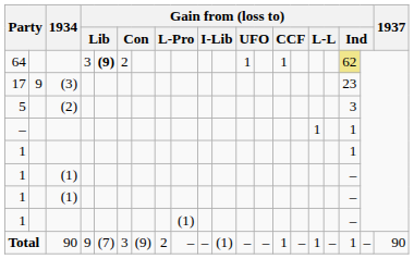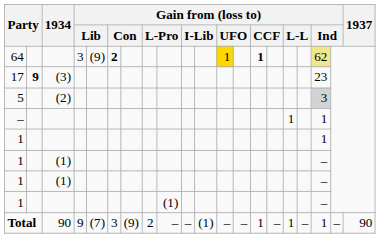 <table class="wikitable" style="text-align:right">
 <tr>
 <th rowspan="2" colspan="2">Party</th>
 <th rowspan="2" style="width:1em;">1934</th>
 <th colspan="16">Gain from (loss to)</th>
 <th rowspan="2" style="width:1em;">1937</th>
 </tr>
 <tr>
 <th colspan="2">Lib</th>
 <th colspan="2">Con</th>
 <th colspan="2">L-Pro</th>
 <th colspan="2">I-Lib</th>
 <th colspan="2">UFO</th>
 <th colspan="2">CCF</th>
 <th colspan="2">L-L</th>
 <th colspan="2">Ind</th>
 </tr>
 <tr>
 <td>64</td>
 <td></td>
 <td></td>
 <td>3</td>
-<td><strong>(9)</strong></td>
-<td>2</td>
+<td>(9)</td>
+<td><strong>2</strong></td>
 <td></td>
 <td></td>
 <td></td>
 <td></td>
 <td></td>
-<td>1</td>
+<td style="background: gold;">1</td>
 <td></td>
-<td>1</td>
+<td><strong>1</strong></td>
 <td></td>
 <td></td>
 <td></td>
 <td style="background: khaki;">62</td>
 </tr>
 <tr>
 <td>17</td>
-<td>9</td>
+<td><strong>9</strong></td>
 <td>(3)</td>
 <td></td>
 <td></td>
 <td></td>
 <td></td>
 <td></td>
 <td></td>
 <td></td>
 <td></td>
 <td></td>
 <td></td>
 <td></td>
 <td></td>
 <td></td>
 <td></td>
 <td>23</td>
 </tr>
 <tr>
 <td>5</td>
 <td></td>
 <td>(2)</td>
 <td></td>
 <td></td>
 <td></td>
 <td></td>
 <td></td>
 <td></td>
 <td></td>
 <td></td>
 <td></td>
 <td></td>
 <td></td>
 <td></td>
 <td></td>
 <td></td>
-<td>3</td>
+<td style="background: lightgrey;">3</td>
 </tr>
 <tr>
 <td>–</td>
 <td></td>
 <td></td>
 <td></td>
 <td></td>
 <td></td>
 <td></td>
 <td></td>
 <td></td>
 <td></td>
 <td></td>
 <td></td>
 <td></td>
 <td></td>
 <td></td>
 <td>1</td>
 <td></td>
 <td>1</td>
 </tr>
 <tr>
 <td>1</td>
 <td></td>
 <td></td>
 <td></td>
 <td></td>
 <td></td>
 <td></td>
 <td></td>
 <td></td>
 <td></td>
 <td></td>
 <td></td>
 <td></td>
 <td></td>
 <td></td>
 <td></td>
 <td></td>
 <td>1</td>
 </tr>
 <tr>
 <td>1</td>
 <td></td>
 <td>(1)</td>
 <td></td>
 <td></td>
 <td></td>
 <td></td>
 <td></td>
 <td></td>
 <td></td>
 <td></td>
 <td></td>
 <td></td>
 <td></td>
 <td></td>
 <td></td>
 <td></td>
 <td>–</td>
 </tr>
 <tr>
 <td>1</td>
 <td></td>
 <td>(1)</td>
 <td></td>
 <td></td>
 <td></td>
 <td></td>
 <td></td>
 <td></td>
 <td></td>
 <td></td>
 <td></td>
 <td></td>
 <td></td>
 <td></td>
 <td></td>
 <td></td>
 <td>–</td>
 </tr>
 <tr>
 <td>1</td>
 <td></td>
 <td></td>
 <td></td>
 <td></td>
 <td></td>
 <td></td>
 <td></td>
 <td>(1)</td>
 <td></td>
 <td></td>
 <td></td>
 <td></td>
 <td></td>
 <td></td>
 <td></td>
 <td></td>
 <td>–</td>
 </tr>
 <tr>
 <td colspan="2" style="text-align:left;"><strong>Total</strong></td>
 <td>90</td>
 <td>9</td>
 <td>(7)</td>
 <td>3</td>
 <td>(9)</td>
 <td>2</td>
 <td>–</td>
 <td>–</td>
 <td>(1)</td>
 <td>–</td>
 <td>–</td>
 <td>1</td>
 <td>–</td>
 <td>1</td>
 <td>–</td>
 <td>1</td>
 <td>–</td>
 <td>90</td>
 </tr>
 </table>
